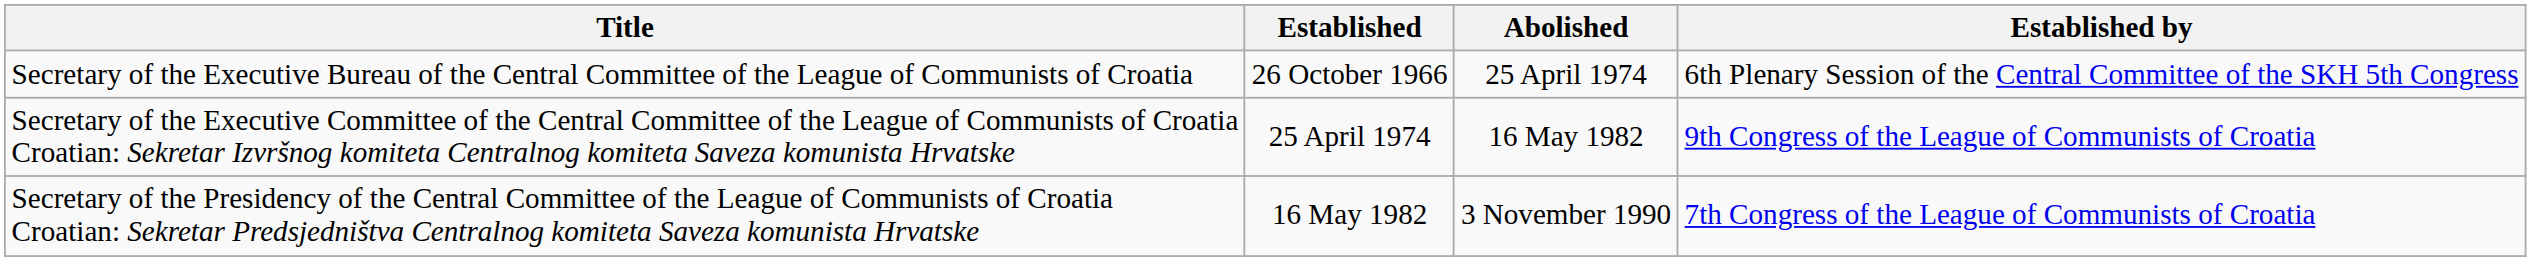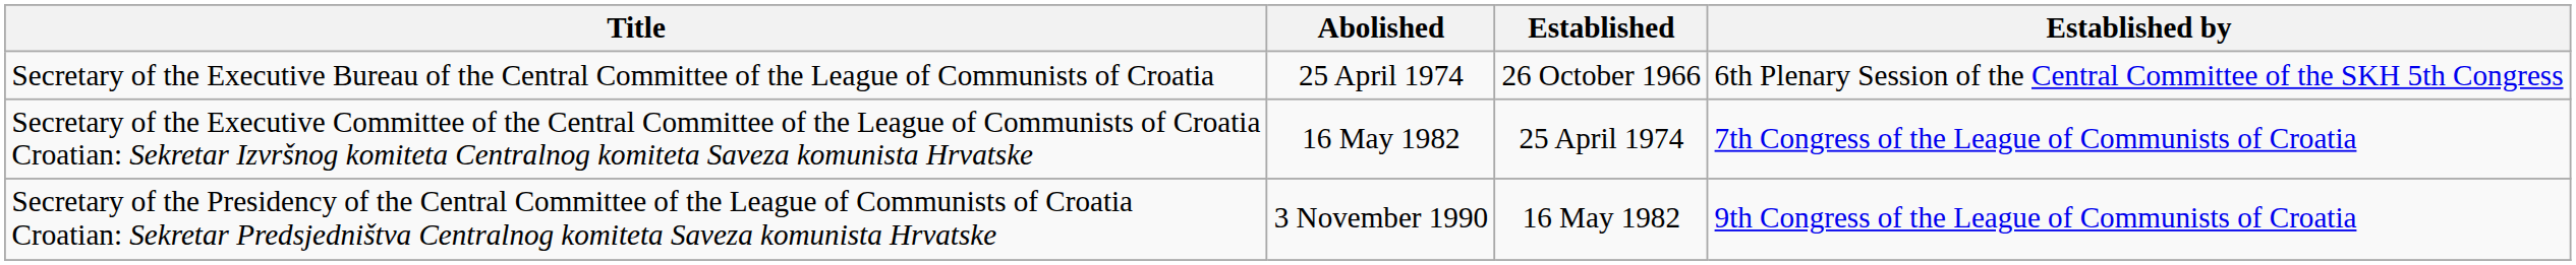 <table class="wikitable sortable">
 <tr>
 <th scope=col>Title</th>
+<th scope=col>Abolished</th>
 <th scope=col>Established</th>
-<th scope=col>Abolished</th>
 <th scope=col>Established by</th>
 </tr>
 <tr>
 <td>Secretary of the Executive Bureau of the Central Committee of the League of Communists of Croatia<br></td>
+<td align="center">25 April 1974</td>
 <td align="center">26 October 1966</td>
-<td align="center">25 April 1974</td>
 <td>6th Plenary Session of the <a href='#'>Central Committee of the SKH 5th Congress</a></td>
 </tr>
 <tr>
 <td>Secretary of the Executive Committee of the Central Committee of the League of Communists of Croatia<br>Croatian: <em>Sekretar Izvršnog komiteta Centralnog komiteta Saveza komunista Hrvatske</em></td>
+<td align="center">16 May 1982</td>
 <td align="center">25 April 1974</td>
+<td><a href='#'>7th Congress of the League of Communists of Croatia</a></td>
+</tr>
+<tr>
+<td>Secretary of the Presidency of the Central Committee of the League of Communists of Croatia<br>Croatian: <em>Sekretar Predsjedništva Centralnog komiteta Saveza komunista Hrvatske</em></td>
+<td align="center">3 November 1990</td>
 <td align="center">16 May 1982</td>
 <td><a href='#'>9th Congress of the League of Communists of Croatia</a></td>
 </tr>
-<tr>
-<td>Secretary of the Presidency of the Central Committee of the League of Communists of Croatia<br>Croatian: <em>Sekretar Predsjedništva Centralnog komiteta Saveza komunista Hrvatske</em></td>
-<td align="center">16 May 1982</td>
-<td align="center">3 November 1990</td>
-<td><a href='#'>7th Congress of the League of Communists of Croatia</a></td>
-</tr>
 </table>
